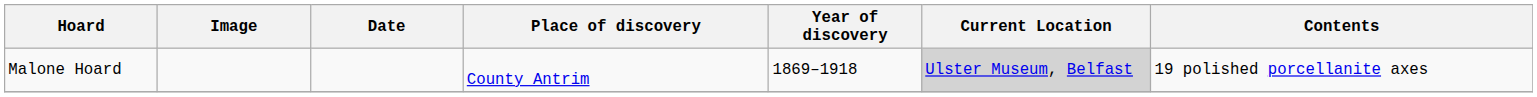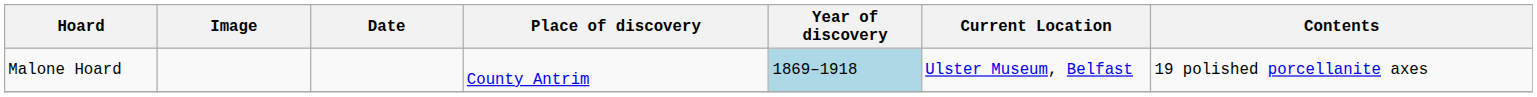 <table class="wikitable sortable" style="width: 100%">
 <tr>
 <th width="10%">Hoard</th>
 <th width="10%">Image</th>
 <th width="10%">Date</th>
 <th width="20%">Place of discovery</th>
 <th width="10%">Year of discovery</th>
 <th width="15%">Current Location</th>
 <th class="unsortable" width="25%">Contents</th>
 </tr>
 <tr>
 <td>Malone Hoard</td>
 <td></td>
 <td></td>
 <td><br><a href='#'>County Antrim</a><br><small></small></td>
-<td>1869–1918</td>
-<td style="background: lightgrey;"><a href='#'>Ulster Museum</a>, <a href='#'>Belfast</a></td>
+<td style="background: lightblue;">1869–1918</td>
+<td><a href='#'>Ulster Museum</a>, <a href='#'>Belfast</a></td>
 <td>19 polished <a href='#'>porcellanite</a> axes</td>
 </tr>
 <tr>
 </tr>
 </table>
